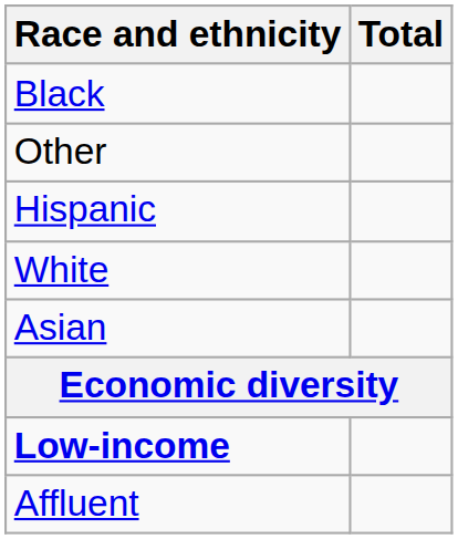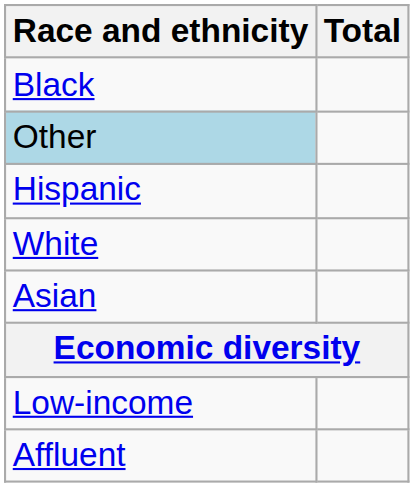 <table class="wikitable floatright sortable collapsible"; text-align:right; font-size:80%;">
 <tr>
 <th>Race and ethnicity</th>
 <th colspan="2" data-sort-type=number>Total</th>
 </tr>
 <tr>
 <td><a href='#'>Black</a></td>
 <td align=right></td>
 </tr>
 <tr>
-<td>Other</td>
+<td style="background: lightblue;">Other</td>
 <td align=right></td>
 </tr>
 <tr>
 <td><a href='#'>Hispanic</a></td>
 <td align=right></td>
 </tr>
 <tr>
 <td><a href='#'>White</a></td>
 <td align=right></td>
 </tr>
 <tr>
 <td><a href='#'>Asian</a></td>
 <td align=right></td>
 </tr>
 <tr>
 <th colspan="4" data-sort-type=number><a href='#'>Economic diversity</a></th>
 </tr>
 <tr>
-<td><strong><a href='#'>Low-income</a></strong></td>
+<td><a href='#'>Low-income</a></td>
 <td align=right></td>
 </tr>
 <tr>
 <td><a href='#'>Affluent</a></td>
 <td align=right></td>
 </tr>
 </table>
